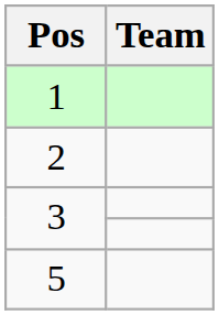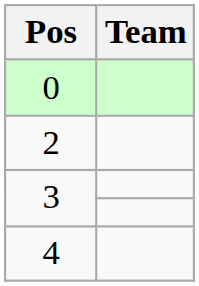 <table class="wikitable" style="text-align:center;">
 <tr>
 <th width="35">Pos</th>
 <th>Team</th>
 </tr>
 <tr bgcolor="ccffcc">
-<td>1</td>
+<td>0</td>
 <td align="left"></td>
 </tr>
 <tr>
 <td>2</td>
 <td align="left"></td>
 </tr>
 <tr>
 <td rowspan="2">3</td>
 <td align="left"></td>
 </tr>
 <tr>
 <td align="left"></td>
 </tr>
 <tr>
-<td>5</td>
+<td>4</td>
 <td align="left"></td>
 </tr>
 </table>
